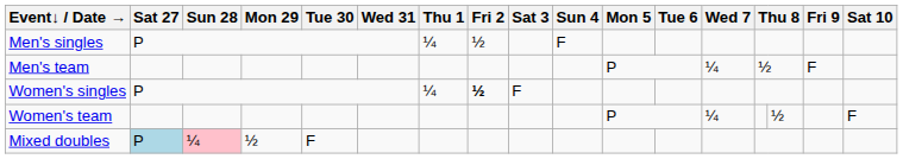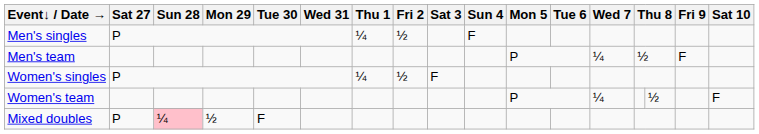 <table class="wikitable olympic-schedule table-tennis">
 <tr>
 <th>Event↓ / Date →</th>
 <th>Sat 27</th>
 <th>Sun 28</th>
 <th>Mon 29</th>
 <th>Tue 30</th>
 <th>Wed 31</th>
 <th>Thu 1</th>
 <th>Fri 2</th>
 <th>Sat 3</th>
 <th>Sun 4</th>
 <th>Mon 5</th>
 <th colspan=2>Tue 6</th>
 <th colspan=2>Wed 7</th>
 <th colspan=2>Thu 8</th>
 <th>Fri 9</th>
 <th>Sat 10</th>
 </tr>
 <tr>
 <td class="event"><a href='#'>Men's singles</a></td>
 <td colspan=5 class="prelims">P</td>
 <td class="quarterfinals">¼</td>
 <td class="semifinals">½</td>
 <td></td>
 <td class="final">F</td>
 <td></td>
 <td colspan=2></td>
 <td colspan=2></td>
 <td colspan=2></td>
 <td></td>
 <td></td>
 </tr>
 <tr>
 <td class="event"><a href='#'>Men's team</a></td>
 <td></td>
 <td></td>
 <td></td>
 <td></td>
 <td></td>
 <td></td>
 <td></td>
 <td></td>
 <td></td>
 <td colspan=3 class="prelims">P</td>
 <td colspan=2 class="quarterfinals">¼</td>
 <td colspan=2 class="semifinals">½</td>
 <td class="final">F</td>
 <td></td>
 </tr>
 <tr>
 <td class="event"><a href='#'>Women's singles</a></td>
 <td colspan=5 class="prelims">P</td>
 <td class="quarterfinals">¼</td>
-<td class="semifinals"><strong>½</strong></td>
+<td class="semifinals">½</td>
 <td class="final">F</td>
 <td></td>
 <td></td>
 <td colspan=2></td>
 <td colspan=2></td>
 <td colspan=2></td>
 <td></td>
 <td></td>
 </tr>
 <tr>
 <td class="event"><a href='#'>Women's team</a></td>
 <td></td>
 <td></td>
 <td></td>
 <td></td>
 <td></td>
 <td></td>
 <td></td>
 <td></td>
 <td></td>
 <td colspan=3 class="prelims">P</td>
 <td colspan=2 class="quarterfinals">¼</td>
 <td></td>
 <td class="semifinals">½</td>
 <td></td>
 <td class="final">F</td>
 </tr>
 <tr>
 <td class="event"><a href='#'>Mixed doubles</a></td>
-<td class="prelims" style="background: lightblue;">P</td>
+<td class="prelims">P</td>
 <td class="quarterfinals" style="background: pink;">¼</td>
 <td class="semifinals">½</td>
 <td class="final">F</td>
 <td></td>
 <td></td>
 <td></td>
 <td></td>
 <td></td>
 <td></td>
 <td colspan=2></td>
 <td colspan=2></td>
 <td colspan=2></td>
 <td></td>
 <td></td>
 </tr>
 </table>
